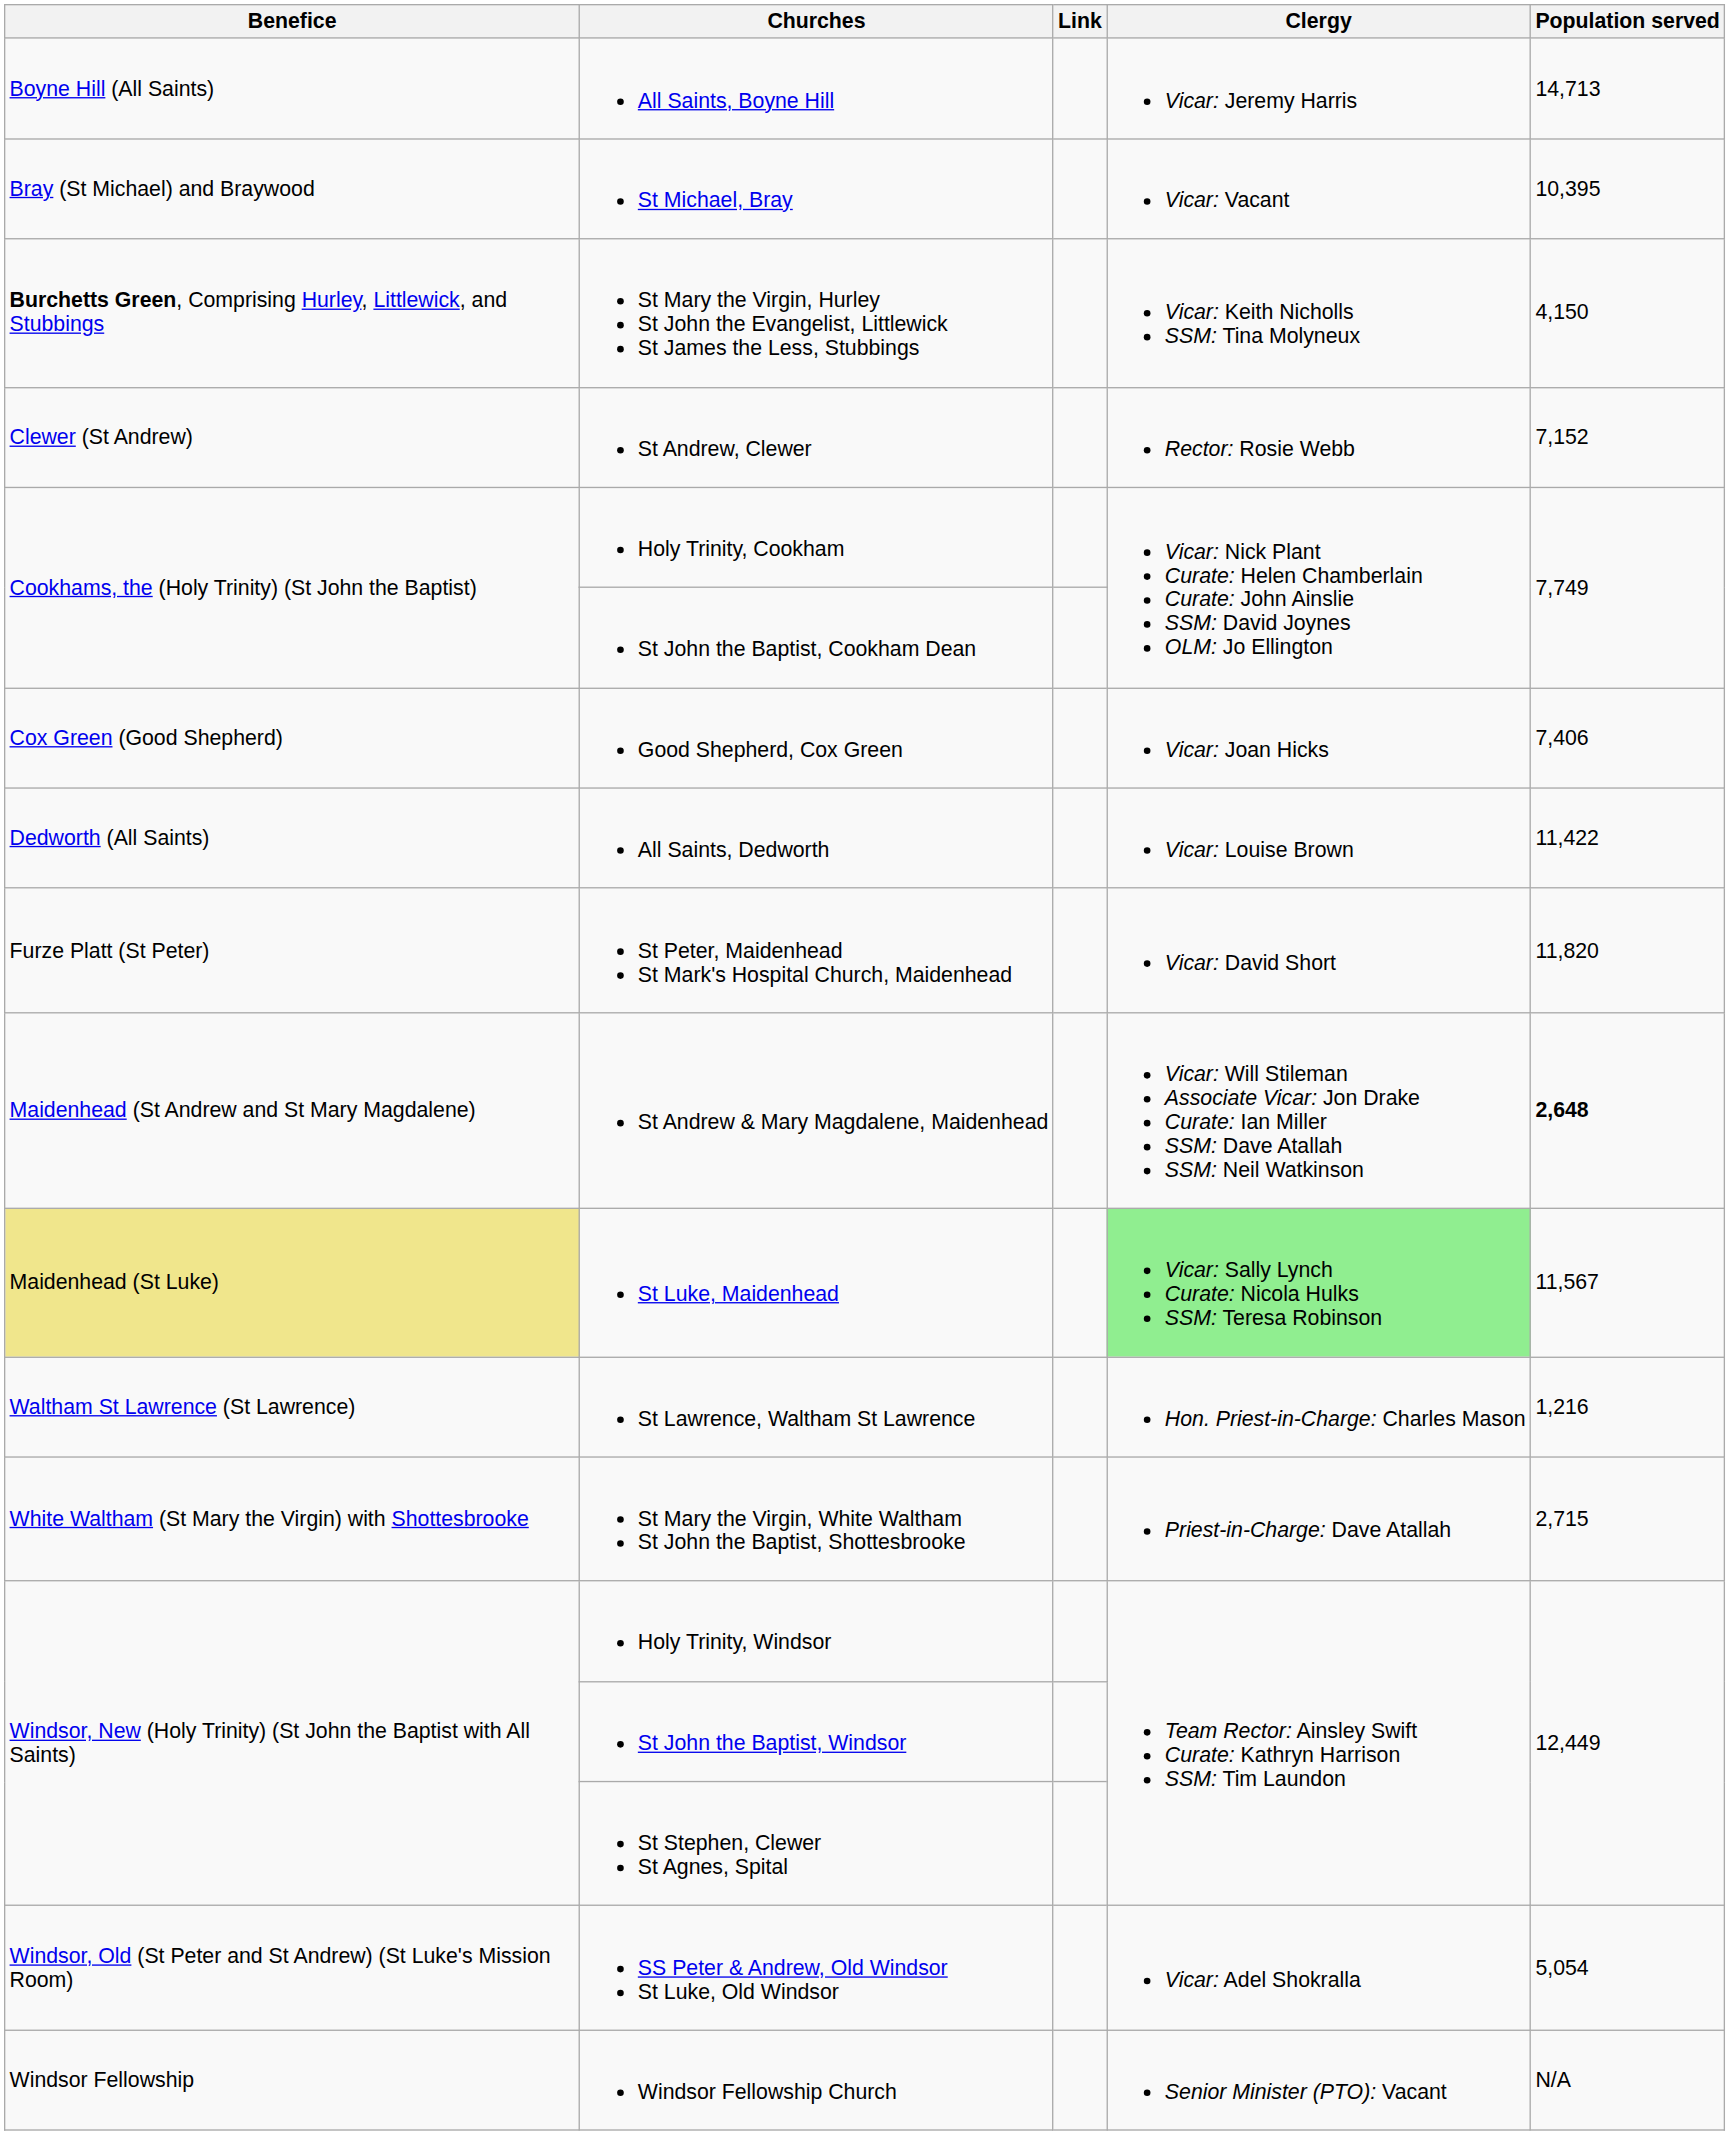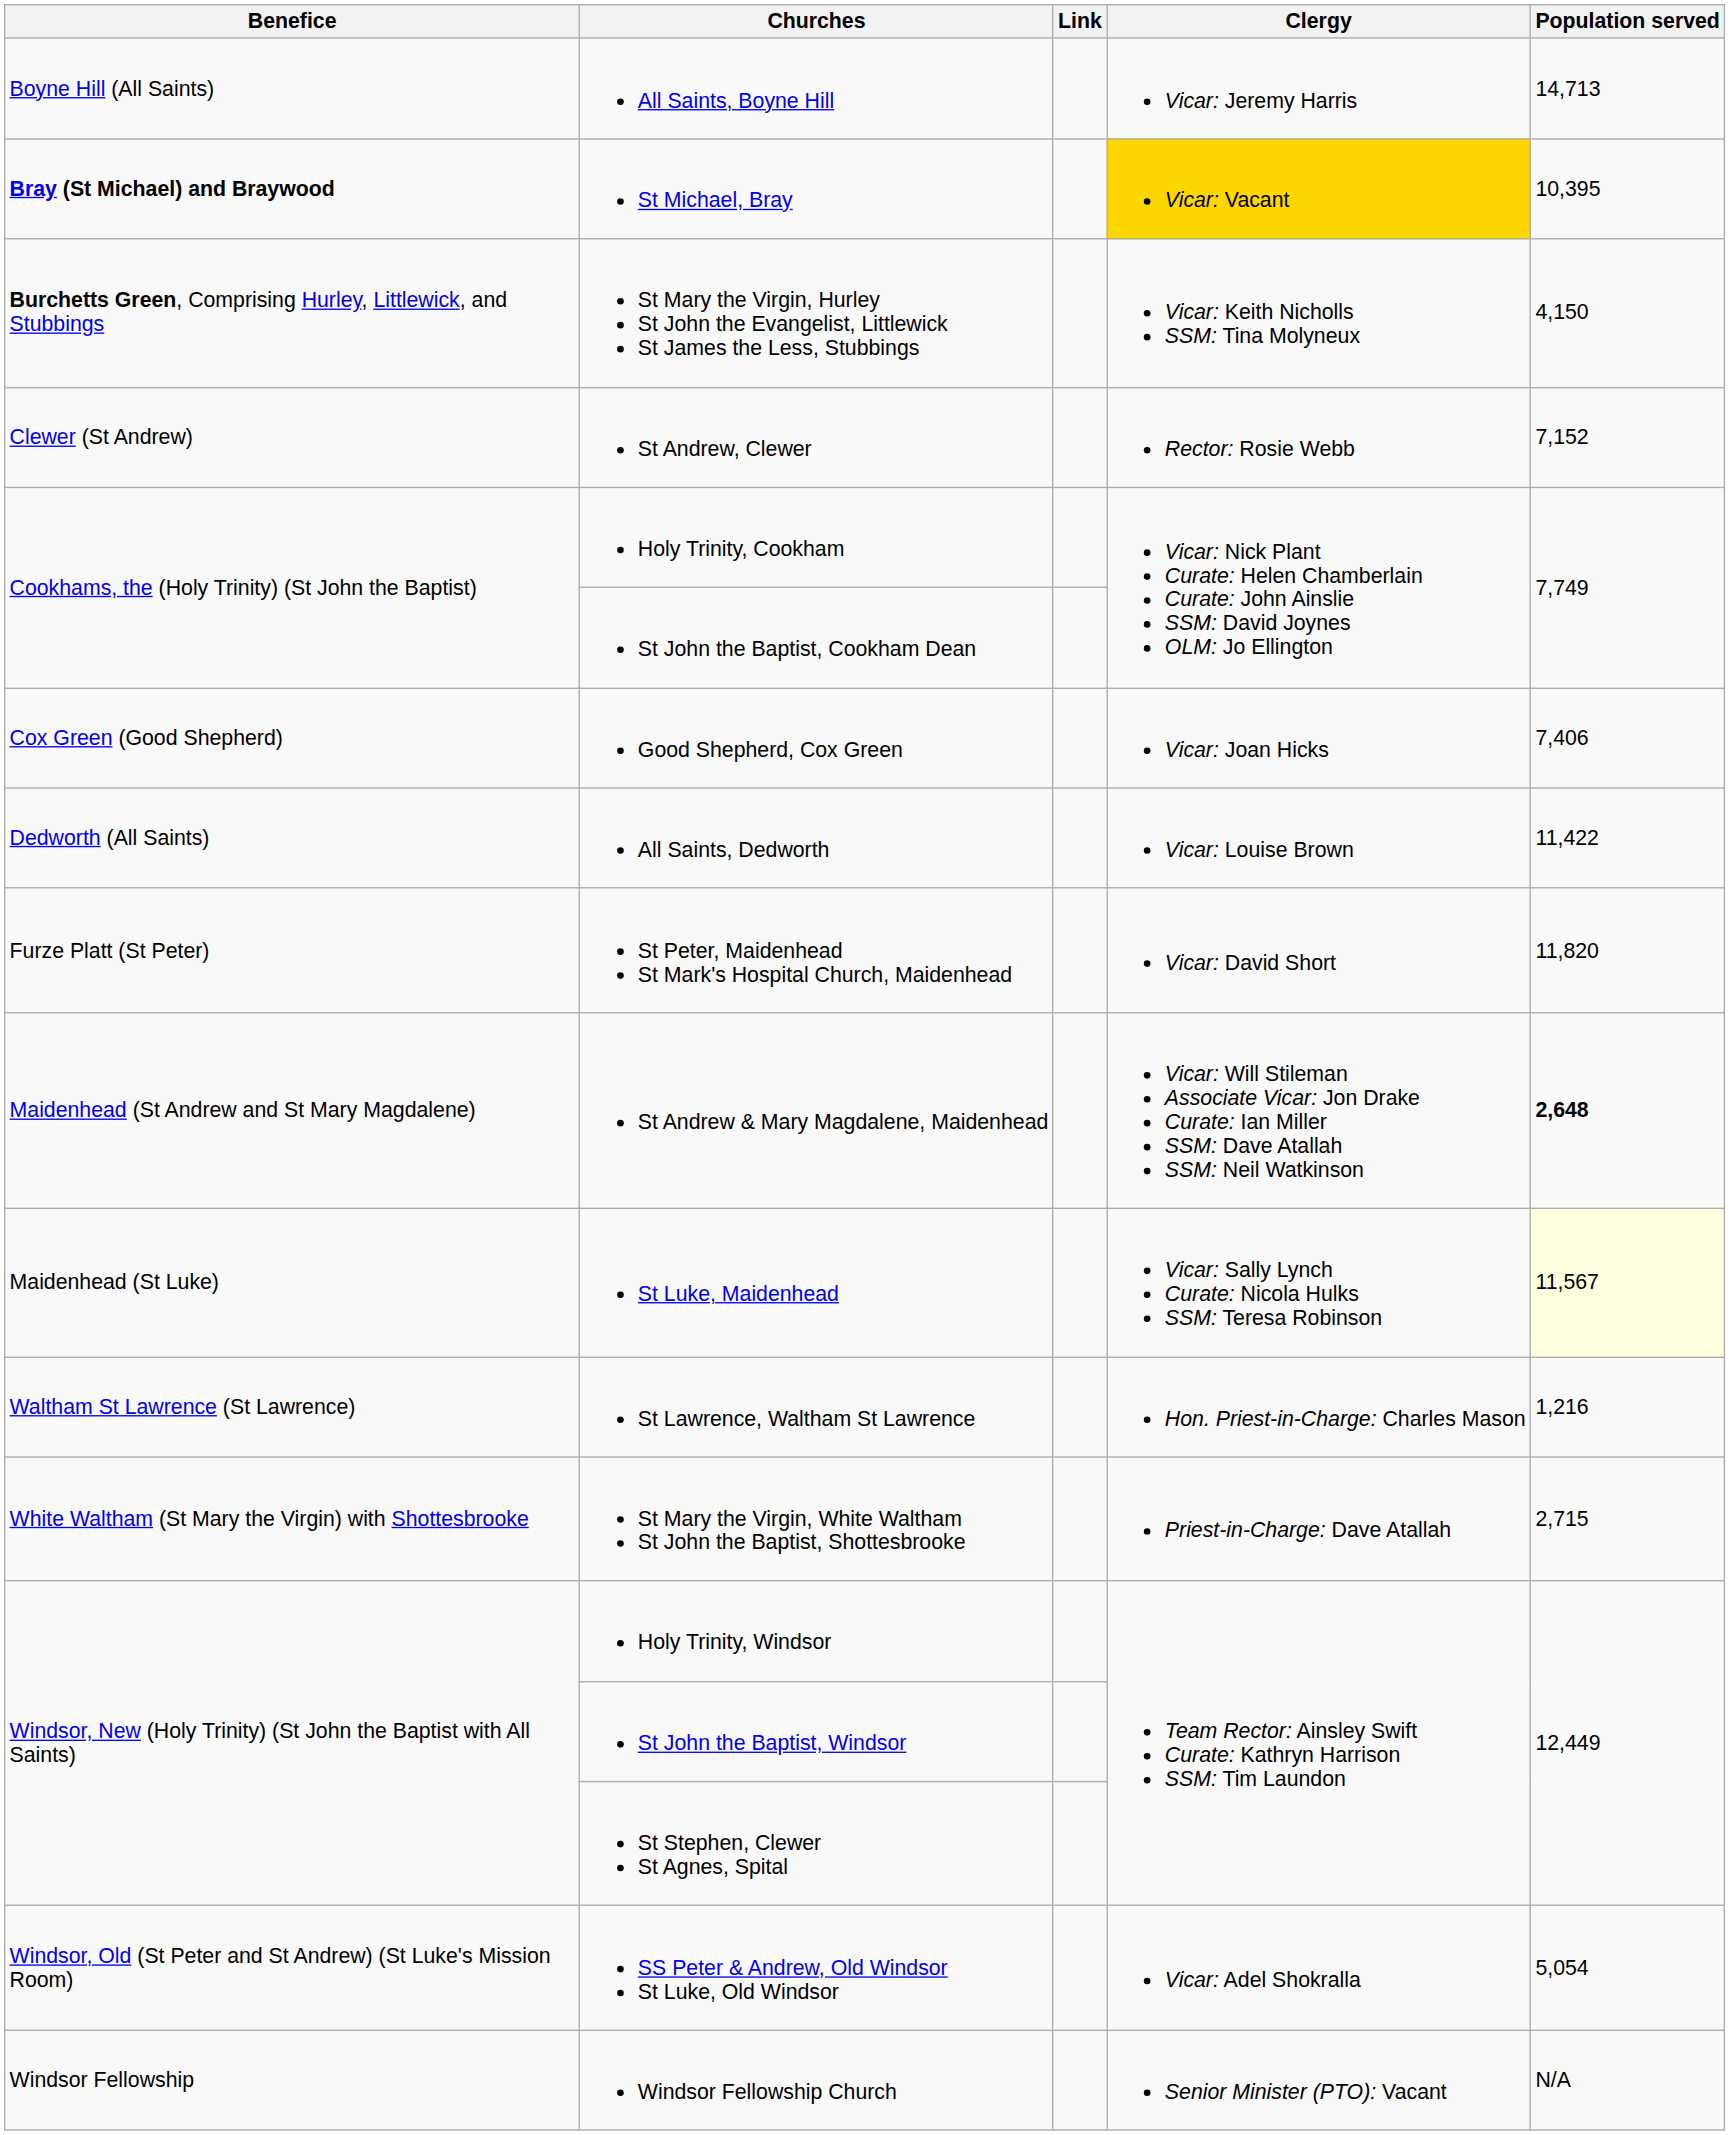 <table class="wikitable">
 <tr>
 <th width="425">Benefice</th>
 <th>Churches</th>
 <th>Link</th>
 <th>Clergy</th>
 <th>Population served</th>
 </tr>
 <tr>
 <td><a href='#'>Boyne Hill</a> (All Saints)</td>
 <td><br><ul><li><a href='#'>All Saints, Boyne Hill</a></li></ul></td>
 <td></td>
 <td><br><ul><li><em>Vicar:</em> Jeremy Harris</li></ul></td>
 <td>14,713</td>
 </tr>
 <tr>
-<td><a href='#'>Bray</a> (St Michael) and Braywood</td>
+<td><strong><a href='#'>Bray</a> (St Michael) and Braywood</strong></td>
 <td><br><ul><li><a href='#'>St Michael, Bray</a></li></ul></td>
 <td></td>
-<td><br><ul><li><em>Vicar:</em> Vacant</li></ul></td>
+<td style="background: gold;"><br><ul><li><em>Vicar:</em> Vacant</li></ul></td>
 <td>10,395</td>
 </tr>
 <tr>
 <td><strong>Burchetts Green</strong>, Comprising <a href='#'>Hurley</a>, <a href='#'>Littlewick</a>, and <a href='#'>Stubbings</a></td>
 <td><br><ul><li>St Mary the Virgin, Hurley</li><li>St John the Evangelist, Littlewick</li><li>St James the Less, Stubbings</li></ul></td>
 <td></td>
 <td><br><ul><li><em>Vicar:</em> Keith Nicholls</li><li><em>SSM:</em> Tina Molyneux</li></ul></td>
 <td>4,150</td>
 </tr>
 <tr>
 <td><a href='#'>Clewer</a> (St Andrew)</td>
 <td><br><ul><li>St Andrew, Clewer</li></ul></td>
 <td></td>
 <td><br><ul><li><em>Rector:</em> Rosie Webb</li></ul></td>
 <td>7,152</td>
 </tr>
 <tr>
 <td rowspan="2"><a href='#'>Cookhams, the</a> (Holy Trinity) (St John the Baptist)</td>
 <td><br><ul><li>Holy Trinity, Cookham</li></ul></td>
 <td></td>
 <td rowspan="2"><br><ul><li><em>Vicar:</em> Nick Plant</li><li><em>Curate:</em> Helen Chamberlain</li><li><em>Curate:</em> John Ainslie</li><li><em>SSM:</em> David Joynes</li><li><em>OLM:</em> Jo Ellington</li></ul></td>
 <td rowspan="2">7,749</td>
 </tr>
 <tr>
 <td><br><ul><li>St John the Baptist, Cookham Dean</li></ul></td>
 <td></td>
 </tr>
 <tr>
 <td><a href='#'>Cox Green</a> (Good Shepherd)</td>
 <td><br><ul><li>Good Shepherd, Cox Green</li></ul></td>
 <td></td>
 <td><br><ul><li><em>Vicar:</em> Joan Hicks</li></ul></td>
 <td>7,406</td>
 </tr>
 <tr>
 <td><a href='#'>Dedworth</a> (All Saints)</td>
 <td><br><ul><li>All Saints, Dedworth</li></ul></td>
 <td></td>
 <td><br><ul><li><em>Vicar:</em> Louise Brown</li></ul></td>
 <td>11,422</td>
 </tr>
 <tr>
 <td>Furze Platt (St Peter)</td>
 <td><br><ul><li>St Peter, Maidenhead</li><li>St Mark's Hospital Church, Maidenhead</li></ul></td>
 <td></td>
 <td><br><ul><li><em>Vicar:</em> David Short</li></ul></td>
 <td>11,820</td>
 </tr>
 <tr>
 <td><a href='#'>Maidenhead</a> (St Andrew and St Mary Magdalene)</td>
 <td><br><ul><li>St Andrew & Mary Magdalene, Maidenhead</li></ul></td>
 <td></td>
 <td><br><ul><li><em>Vicar:</em> Will Stileman</li><li><em>Associate Vicar:</em> Jon Drake</li><li><em>Curate:</em> Ian Miller</li><li><em>SSM:</em> Dave Atallah</li><li><em>SSM:</em> Neil Watkinson</li></ul></td>
 <td><strong>2,648</strong></td>
 </tr>
 <tr>
-<td style="background: khaki;">Maidenhead (St Luke)</td>
+<td>Maidenhead (St Luke)</td>
 <td><br><ul><li><a href='#'>St Luke, Maidenhead</a></li></ul></td>
 <td></td>
-<td style="background: lightgreen;"><br><ul><li><em>Vicar:</em> Sally Lynch</li><li><em>Curate:</em> Nicola Hulks</li><li><em>SSM:</em> Teresa Robinson</li></ul></td>
-<td>11,567</td>
+<td><br><ul><li><em>Vicar:</em> Sally Lynch</li><li><em>Curate:</em> Nicola Hulks</li><li><em>SSM:</em> Teresa Robinson</li></ul></td>
+<td style="background: lightyellow;">11,567</td>
 </tr>
 <tr>
 <td><a href='#'>Waltham St Lawrence</a> (St Lawrence)</td>
 <td><br><ul><li>St Lawrence, Waltham St Lawrence</li></ul></td>
 <td></td>
 <td><br><ul><li><em>Hon. Priest-in-Charge:</em> Charles Mason</li></ul></td>
 <td>1,216</td>
 </tr>
 <tr>
 <td><a href='#'>White Waltham</a> (St Mary the Virgin) with <a href='#'>Shottesbrooke</a></td>
 <td><br><ul><li>St Mary the Virgin, White Waltham</li><li>St John the Baptist, Shottesbrooke</li></ul></td>
 <td></td>
 <td><br><ul><li><em>Priest-in-Charge:</em> Dave Atallah</li></ul></td>
 <td>2,715</td>
 </tr>
 <tr>
 <td rowspan="3"><a href='#'>Windsor, New</a> (Holy Trinity) (St John the Baptist with All Saints)</td>
 <td><br><ul><li>Holy Trinity, Windsor</li></ul></td>
 <td></td>
 <td rowspan="3"><br><ul><li><em>Team Rector:</em> Ainsley Swift</li><li><em>Curate:</em> Kathryn Harrison</li><li><em>SSM:</em> Tim Laundon</li></ul></td>
 <td rowspan="3">12,449</td>
 </tr>
 <tr>
 <td><br><ul><li><a href='#'>St John the Baptist, Windsor</a></li></ul></td>
 <td></td>
 </tr>
 <tr>
 <td><br><ul><li>St Stephen, Clewer</li><li>St Agnes, Spital</li></ul></td>
 <td></td>
 </tr>
 <tr>
 <td><a href='#'>Windsor, Old</a> (St Peter and St Andrew) (St Luke's Mission Room)</td>
 <td><br><ul><li><a href='#'>SS Peter & Andrew, Old Windsor</a></li><li>St Luke, Old Windsor</li></ul></td>
 <td></td>
 <td><br><ul><li><em>Vicar:</em> Adel Shokralla</li></ul></td>
 <td>5,054</td>
 </tr>
 <tr>
 <td>Windsor Fellowship</td>
 <td><br><ul><li>Windsor Fellowship Church</li></ul></td>
 <td></td>
 <td><br><ul><li><em>Senior Minister (PTO):</em> Vacant</li></ul></td>
 <td>N/A</td>
 </tr>
 </table>
